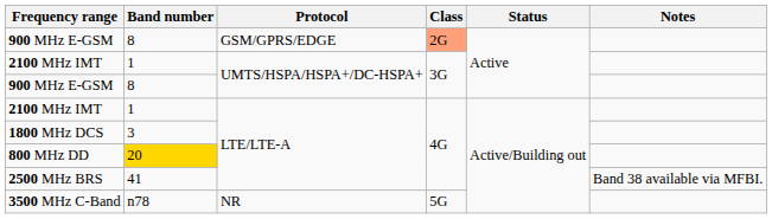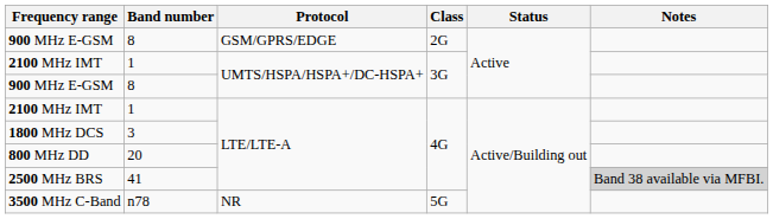 <table class="wikitable sortable">
 <tr>
 <th>Frequency range</th>
 <th>Band number</th>
 <th>Protocol</th>
 <th>Class</th>
 <th>Status</th>
 <th>Notes</th>
 </tr>
 <tr>
 <td><strong>900</strong> MHz E-GSM</td>
 <td>8</td>
 <td>GSM/GPRS/EDGE</td>
-<td style="background: lightsalmon;">2G</td>
+<td>2G</td>
 <td rowspan="3">Active</td>
 <td></td>
 </tr>
 <tr>
 <td><strong>2100</strong> MHz IMT</td>
 <td>1</td>
 <td rowspan="2">UMTS/HSPA/HSPA+/DC-HSPA+</td>
 <td rowspan="2">3G</td>
 <td></td>
 </tr>
 <tr>
 <td><strong>900</strong> MHz E-GSM</td>
 <td>8</td>
 <td></td>
 </tr>
 <tr>
 <td><strong>2100</strong> MHz IMT</td>
 <td>1</td>
 <td rowspan="4">LTE/LTE-A</td>
 <td rowspan="4">4G</td>
 <td rowspan="5">Active/Building out</td>
 <td></td>
 </tr>
 <tr>
 <td><strong>1800</strong> MHz DCS</td>
 <td>3</td>
 <td></td>
 </tr>
 <tr>
 <td><strong>800</strong> MHz DD</td>
-<td style="background: gold;">20</td>
+<td>20</td>
 <td></td>
 </tr>
 <tr>
 <td><strong>2500</strong> MHz BRS</td>
 <td>41</td>
-<td>Band 38 available via MFBI.</td>
+<td style="background: lightgrey;">Band 38 available via MFBI.</td>
 </tr>
 <tr>
 <td><strong>3500</strong> MHz C-Band</td>
 <td>n78</td>
 <td>NR</td>
 <td>5G</td>
 <td></td>
 </tr>
 </table>
